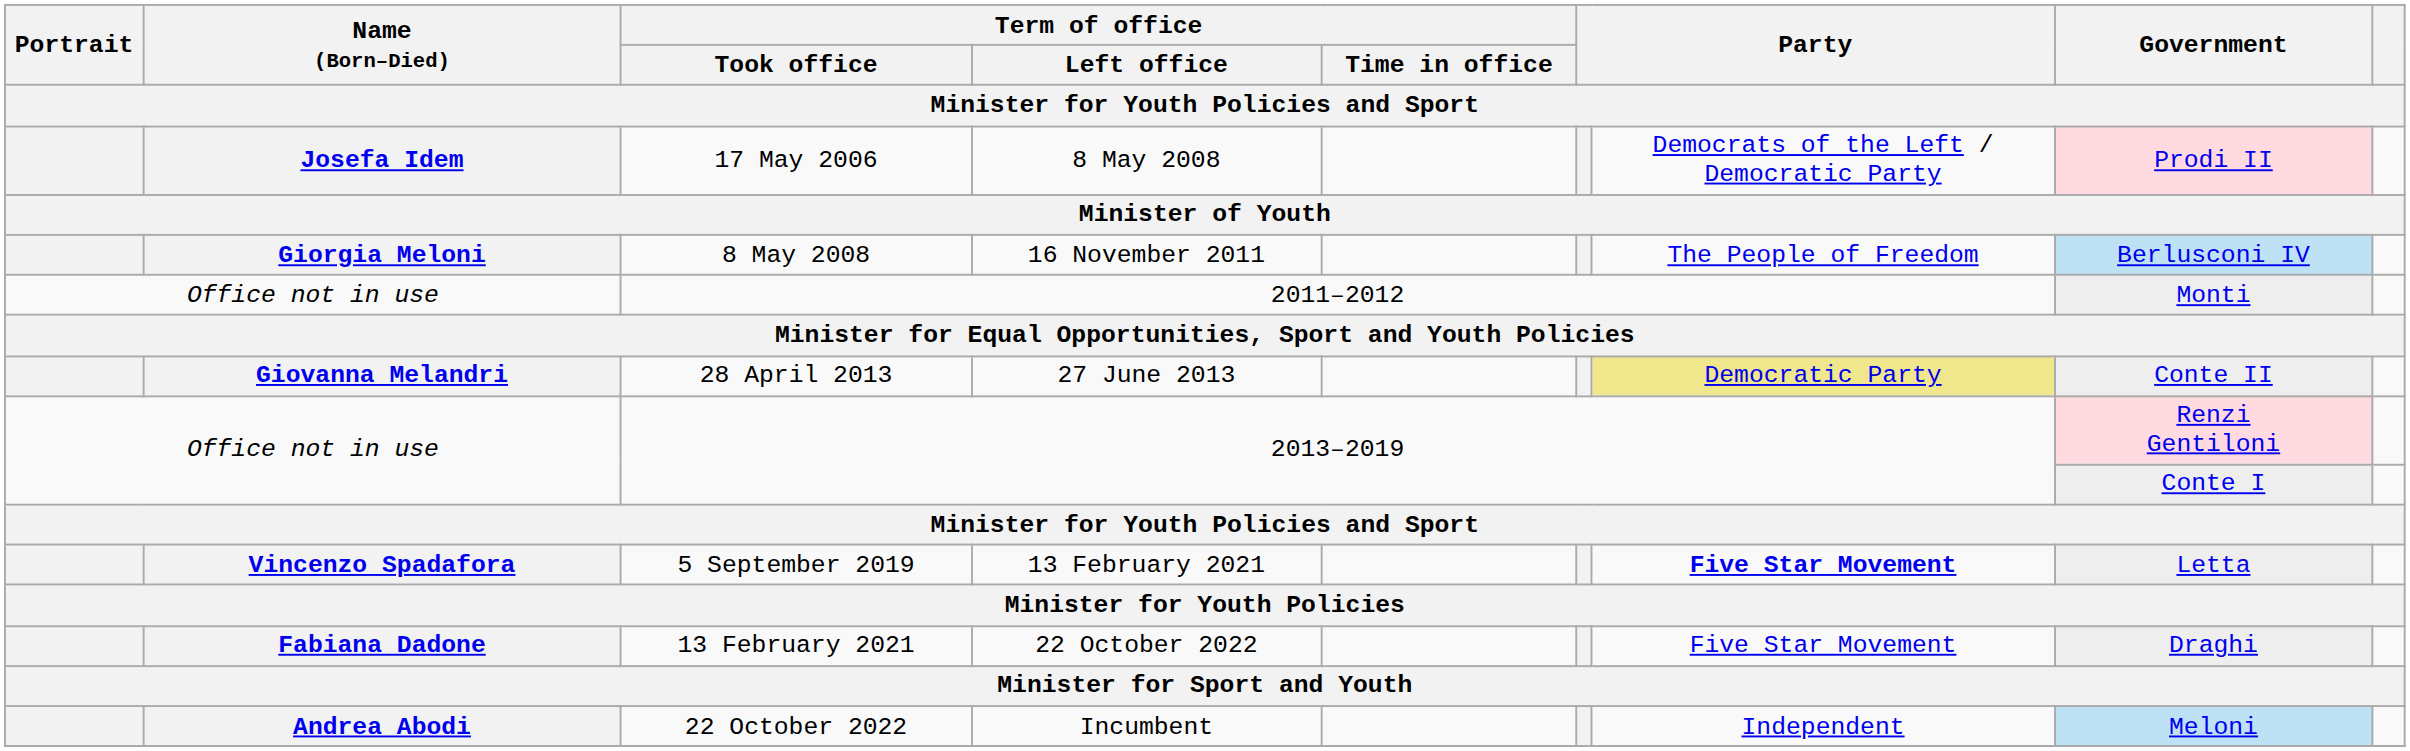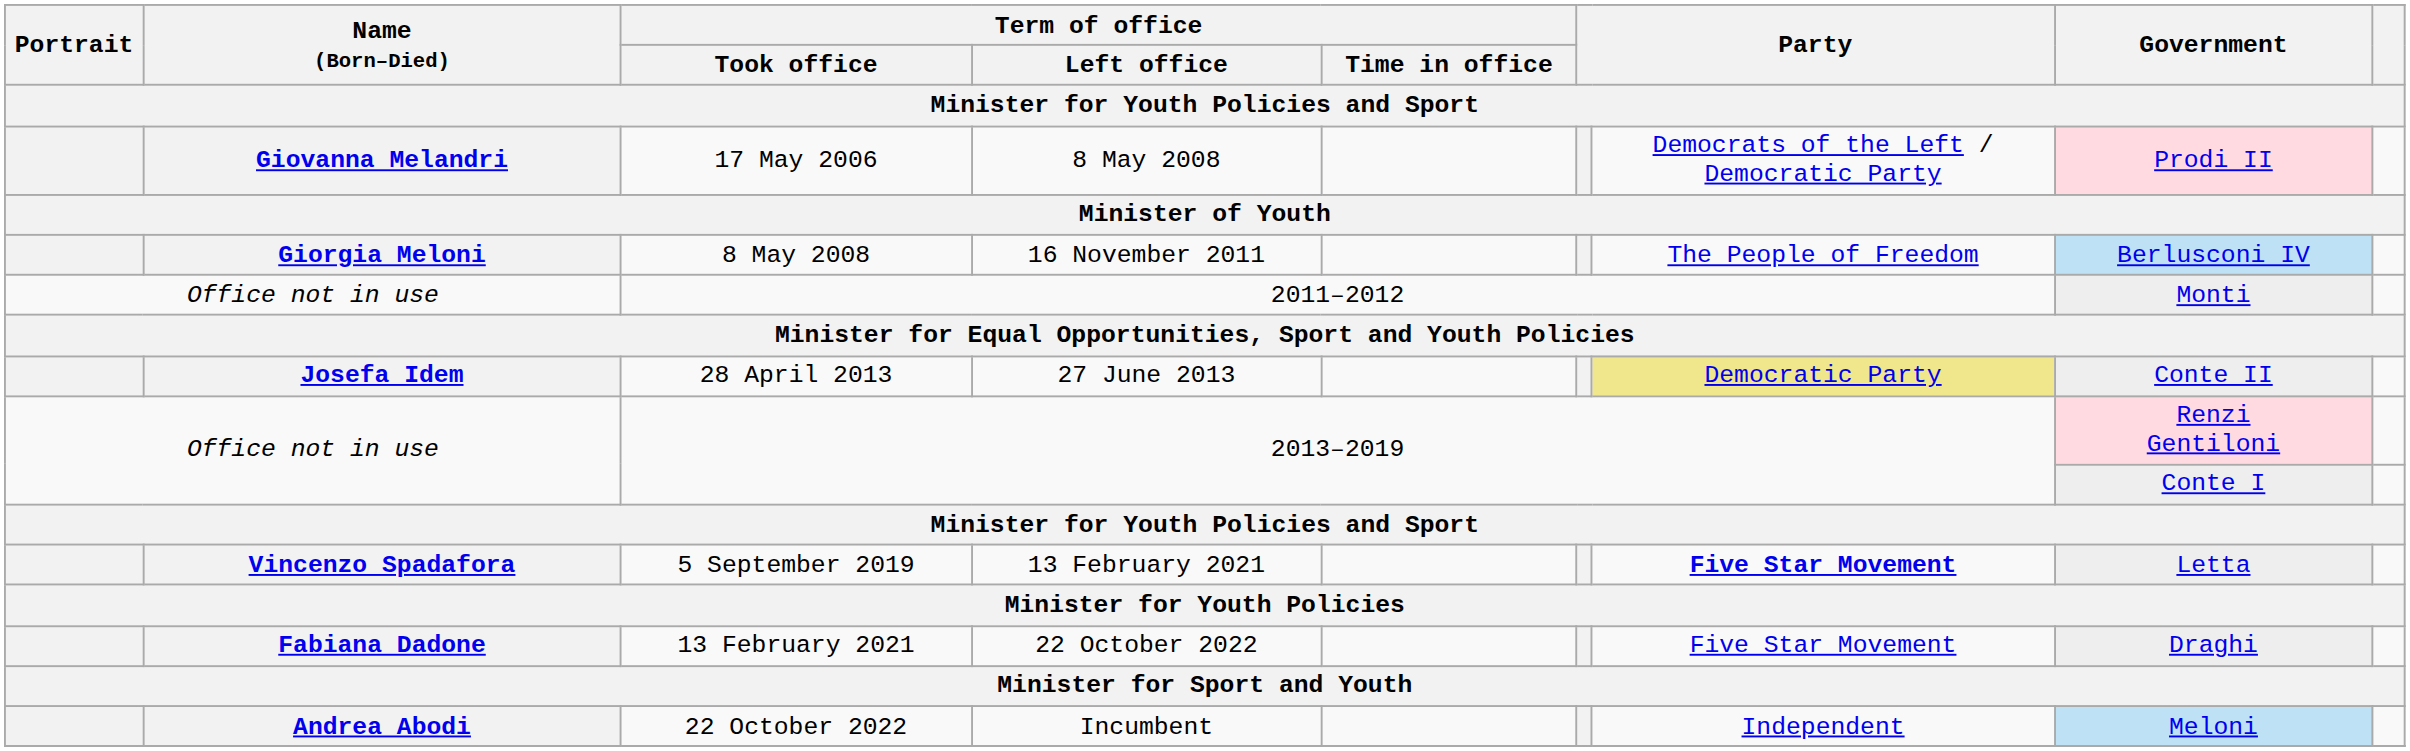 <table class="wikitable" style="text-align:center; style="width=100%">
 <tr>
 <th width=1% rowspan=2>Portrait</th>
 <th width=15% rowspan=2>Name<br><small>(Born–Died)</small></th>
 <th width=30% colspan=3>Term of office</th>
 <th width=15% rowspan=2 colspan=2>Party</th>
 <th width=10% rowspan=2>Government</th>
 <th width=1% rowspan=2></th>
 </tr>
 <tr style="text-align:center;">
 <th width=11%>Took office</th>
 <th width=11%>Left office</th>
 <th width=8%>Time in office</th>
 </tr>
 <tr style="text-align:center;">
 <th colspan=10>Minister for Youth Policies and Sport</th>
 </tr>
 <tr>
 <th></th>
-<th scope="row" style="font-weight:normal"><strong><a href='#'>Josefa Idem</a></strong><br></th>
+<th scope="row" style="font-weight:normal"><strong><a href='#'>Giovanna Melandri</a></strong><br></th>
 <td>17 May 2006</td>
 <td>8 May 2008</td>
 <td></td>
 <th style="background:"></th>
 <td><a href='#'>Democrats of the Left</a> /<br><a href='#'>Democratic Party</a></td>
 <td bgcolor=#FFDAE1><a href='#'>Prodi II</a></td>
 <td></td>
 </tr>
 <tr>
 <th colspan=9>Minister of Youth</th>
 </tr>
 <tr>
 <th></th>
 <th scope="row" style="font-weight:normal"><strong><a href='#'>Giorgia Meloni</a></strong><br></th>
 <td>8 May 2008</td>
 <td>16 November 2011</td>
 <td></td>
 <th style="background:"></th>
 <td><a href='#'>The People of Freedom</a></td>
 <td bgcolor=#BEE1F5><a href='#'>Berlusconi IV</a></td>
 <td></td>
 </tr>
 <tr>
 <td colspan=2><em>Office not in use</em></td>
 <td colspan=5 align="center">2011–2012</td>
 <td bgcolor=#EEEEEE><a href='#'>Monti</a></td>
 <td></td>
 </tr>
 <tr>
 <th colspan=9>Minister for Equal Opportunities, Sport and Youth Policies</th>
 </tr>
 <tr>
 <th></th>
-<th scope="row" style="font-weight:normal"><strong><a href='#'>Giovanna Melandri</a></strong><br></th>
+<th scope="row" style="font-weight:normal"><strong><a href='#'>Josefa Idem</a></strong><br></th>
 <td>28 April 2013</td>
 <td>27 June 2013</td>
 <td></td>
 <th style="background:"></th>
 <td style="background: khaki;"><a href='#'>Democratic Party</a></td>
 <td bgcolor=#EEEEEE><a href='#'>Conte II</a></td>
 <td></td>
 </tr>
 <tr>
 <td rowspan=2 colspan=2><em>Office not in use</em></td>
 <td rowspan=2 colspan=5 align="center">2013–2019</td>
 <td bgcolor=#FFDAE1><a href='#'>Renzi</a><br><a href='#'>Gentiloni</a></td>
 <td></td>
 </tr>
 <tr>
 <td bgcolor=#EEEEEE><a href='#'>Conte I</a></td>
 <td></td>
 </tr>
 <tr>
 <th colspan=9>Minister for Youth Policies and Sport</th>
 </tr>
 <tr>
 <th></th>
 <th scope="row" style="font-weight:normal"><strong><a href='#'>Vincenzo Spadafora</a></strong><br></th>
 <td>5 September 2019</td>
 <td>13 February 2021</td>
 <td></td>
 <th style="background:"></th>
 <td><strong><a href='#'>Five Star Movement</a></strong></td>
 <td bgcolor=#EEEEEE><a href='#'>Letta</a></td>
 <td></td>
 </tr>
 <tr>
 <th colspan=9>Minister for Youth Policies</th>
 </tr>
 <tr>
 <th></th>
 <th scope="row" style="font-weight:normal"><strong><a href='#'>Fabiana Dadone</a></strong><br></th>
 <td>13 February 2021</td>
 <td>22 October 2022</td>
 <td></td>
 <th style="background:"></th>
 <td><a href='#'>Five Star Movement</a></td>
 <td bgcolor=#EEEEEE><a href='#'>Draghi</a></td>
 <td></td>
 </tr>
 <tr>
 <th colspan=9>Minister for Sport and Youth</th>
 </tr>
 <tr>
 <th></th>
 <th scope="row" style="font-weight:normal"><strong><a href='#'>Andrea Abodi</a></strong><br></th>
 <td>22 October 2022</td>
 <td>Incumbent</td>
 <td></td>
 <th style="background:"></th>
 <td><a href='#'>Independent</a></td>
 <td bgcolor=#BEE1F5><a href='#'>Meloni</a></td>
 <td></td>
 </tr>
 <tr>
 </tr>
 </table>
